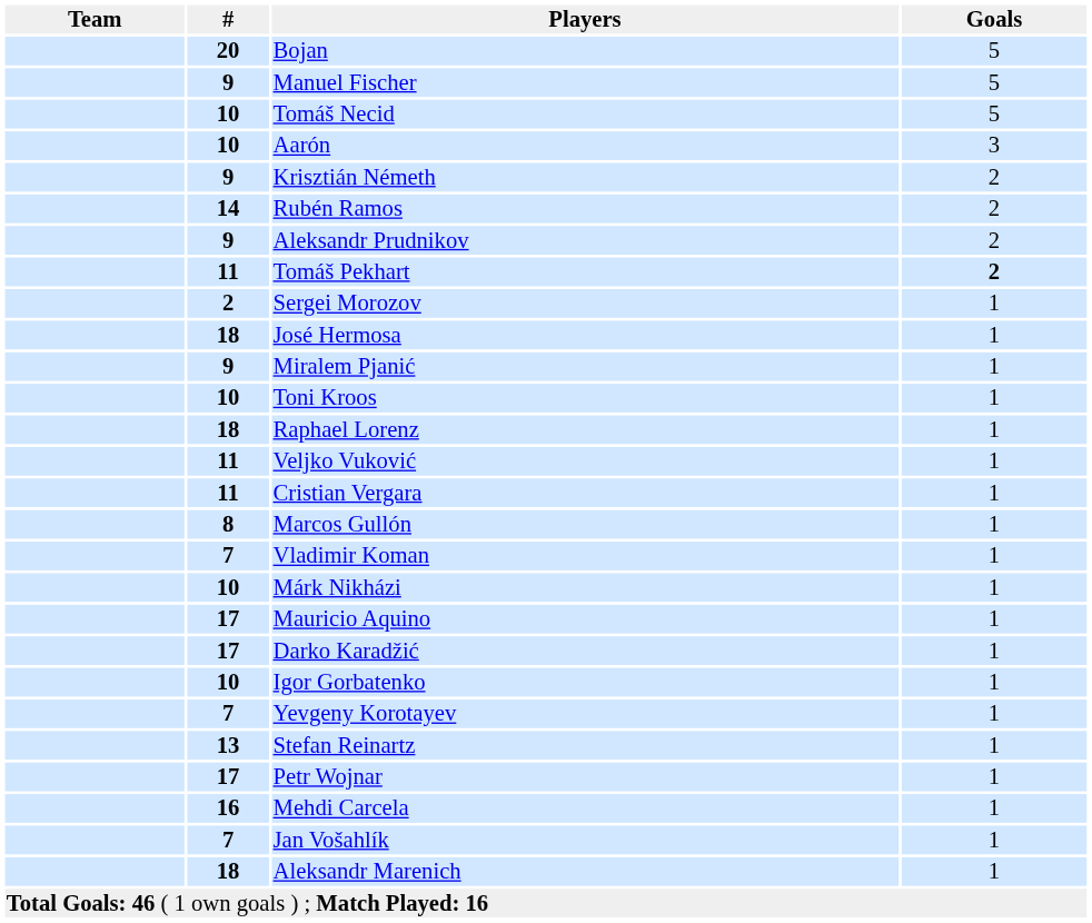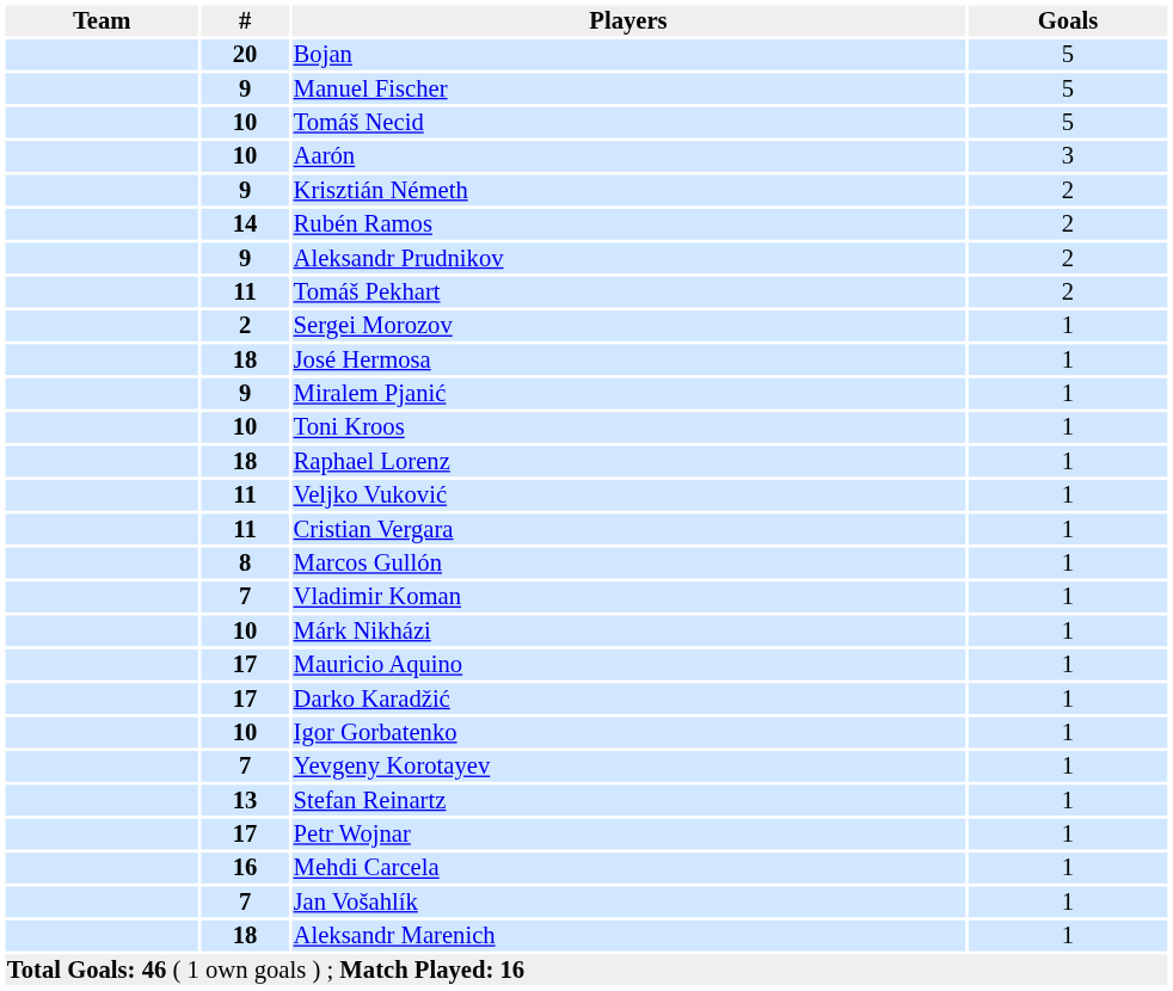 <table width=60%>
 <tr bgcolor=#EFEFEF>
 <th>Team</th>
 <th>#</th>
 <th>Players</th>
 <th>Goals</th>
 </tr>
 <tr bgcolor=#D0E7FF>
 <td align=center></td>
 <td align=center><strong>20</strong></td>
 <td><a href='#'>Bojan</a></td>
 <td align=center>5</td>
 </tr>
 <tr bgcolor=#D0E7FF>
 <td align=center></td>
 <td align=center><strong>9</strong></td>
 <td><a href='#'>Manuel Fischer</a></td>
 <td align=center>5</td>
 </tr>
 <tr bgcolor=#D0E7FF>
 <td align=center></td>
 <td align=center><strong>10</strong></td>
 <td><a href='#'>Tomáš Necid</a></td>
 <td align=center>5</td>
 </tr>
 <tr bgcolor=#D0E7FF>
 <td align=center></td>
 <td align=center><strong>10</strong></td>
 <td><a href='#'>Aarón</a></td>
 <td align=center>3</td>
 </tr>
 <tr bgcolor=#D0E7FF>
 <td align=center></td>
 <td align=center><strong>9</strong></td>
 <td><a href='#'>Krisztián Németh</a></td>
 <td align=center>2</td>
 </tr>
 <tr bgcolor=#D0E7FF>
 <td align=center></td>
 <td align=center><strong>14</strong></td>
 <td><a href='#'>Rubén Ramos</a></td>
 <td align=center>2</td>
 </tr>
 <tr bgcolor=#D0E7FF>
 <td align=center></td>
 <td align=center><strong>9</strong></td>
 <td><a href='#'>Aleksandr Prudnikov</a></td>
 <td align=center>2</td>
 </tr>
 <tr bgcolor=#D0E7FF>
 <td align=center></td>
 <td align=center><strong>11</strong></td>
 <td><a href='#'>Tomáš Pekhart</a></td>
-<td align=center><strong>2</strong></td>
+<td align=center>2</td>
 </tr>
 <tr bgcolor=#D0E7FF>
 <td align=center></td>
 <td align=center><strong>2</strong></td>
 <td><a href='#'>Sergei Morozov</a></td>
 <td align=center>1</td>
 </tr>
 <tr bgcolor=#D0E7FF>
 <td align=center></td>
 <td align=center><strong>18</strong></td>
 <td><a href='#'>José Hermosa</a></td>
 <td align=center>1</td>
 </tr>
 <tr bgcolor=#D0E7FF>
 <td align=center></td>
 <td align=center><strong>9</strong></td>
 <td><a href='#'>Miralem Pjanić</a></td>
 <td align=center>1</td>
 </tr>
 <tr bgcolor=#D0E7FF>
 <td align=center></td>
 <td align=center><strong>10</strong></td>
 <td><a href='#'>Toni Kroos</a></td>
 <td align=center>1</td>
 </tr>
 <tr bgcolor=#D0E7FF>
 <td align=center></td>
 <td align=center><strong>18</strong></td>
 <td><a href='#'>Raphael Lorenz</a></td>
 <td align=center>1</td>
 </tr>
 <tr bgcolor=#D0E7FF>
 <td align=center></td>
 <td align=center><strong>11</strong></td>
 <td><a href='#'>Veljko Vuković</a></td>
 <td align=center>1</td>
 </tr>
 <tr bgcolor=#D0E7FF>
 <td align=center></td>
 <td align=center><strong>11</strong></td>
 <td><a href='#'>Cristian Vergara</a></td>
 <td align=center>1</td>
 </tr>
 <tr bgcolor=#D0E7FF>
 <td align=center></td>
 <td align=center><strong>8</strong></td>
 <td><a href='#'>Marcos Gullón</a></td>
 <td align=center>1</td>
 </tr>
 <tr bgcolor=#D0E7FF>
 <td align=center></td>
 <td align=center><strong>7</strong></td>
 <td><a href='#'>Vladimir Koman</a></td>
 <td align=center>1</td>
 </tr>
 <tr bgcolor=#D0E7FF>
 <td align=center></td>
 <td align=center><strong>10</strong></td>
 <td><a href='#'>Márk Nikházi</a></td>
 <td align=center>1</td>
 </tr>
 <tr bgcolor=#D0E7FF>
 <td align=center></td>
 <td align=center><strong>17</strong></td>
 <td><a href='#'>Mauricio Aquino</a></td>
 <td align=center>1</td>
 </tr>
 <tr bgcolor=#D0E7FF>
 <td align=center></td>
 <td align=center><strong>17</strong></td>
 <td><a href='#'>Darko Karadžić</a></td>
 <td align=center>1</td>
 </tr>
 <tr bgcolor=#D0E7FF>
 <td align=center></td>
 <td align=center><strong>10</strong></td>
 <td><a href='#'>Igor Gorbatenko</a></td>
 <td align=center>1</td>
 </tr>
 <tr bgcolor=#D0E7FF>
 <td align=center></td>
 <td align=center><strong>7</strong></td>
 <td><a href='#'>Yevgeny Korotayev</a></td>
 <td align=center>1</td>
 </tr>
 <tr bgcolor=#D0E7FF>
 <td align=center></td>
 <td align=center><strong>13</strong></td>
 <td><a href='#'>Stefan Reinartz</a></td>
 <td align=center>1</td>
 </tr>
 <tr bgcolor=#D0E7FF>
 <td align=center></td>
 <td align=center><strong>17</strong></td>
 <td><a href='#'>Petr Wojnar</a></td>
 <td align=center>1</td>
 </tr>
 <tr bgcolor=#D0E7FF>
 <td align=center></td>
 <td align=center><strong>16</strong></td>
 <td><a href='#'>Mehdi Carcela</a></td>
 <td align=center>1</td>
 </tr>
 <tr bgcolor=#D0E7FF>
 <td align=center></td>
 <td align=center><strong>7</strong></td>
 <td><a href='#'>Jan Vošahlík</a></td>
 <td align=center>1</td>
 </tr>
 <tr bgcolor=#D0E7FF>
 <td align=center></td>
 <td align=center><strong>18</strong></td>
 <td><a href='#'>Aleksandr Marenich</a></td>
 <td align=center>1</td>
 </tr>
 <tr bgcolor=#EFEFEF>
 <td colspan=5><strong>Total Goals: 46</strong> ( 1 own goals ) ;  <strong>Match Played: 16</strong></td>
 </tr>
 </table>
